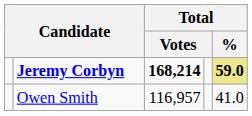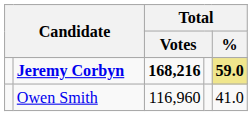 <table class="wikitable" style="font-size:95%;">
 <tr>
 <th colspan="2" scope="col" rowspan="2" width="125">Candidate</th>
 <th scope="col" colspan="3" width="75">Total</th>
 </tr>
 <tr>
 <th scope="col" colspan="2">Votes</th>
 <th>%</th>
 </tr>
 <tr align="right">
 <td style="background-color: "></td>
 <td scope="row" align="left"><strong><a href='#'>Jeremy Corbyn</a></strong></td>
-<td><strong>168,214</strong></td>
+<td><strong>168,216</strong></td>
 <td align=center></td>
 <td style="background: khaki;"><strong>59.0</strong></td>
 </tr>
 <tr align="right">
 <td style="background-color: "></td>
 <td scope="row" align="left"><a href='#'>Owen Smith</a></td>
-<td>116,957</td>
+<td>116,960</td>
 <td align=center></td>
 <td>41.0</td>
 </tr>
 </table>
